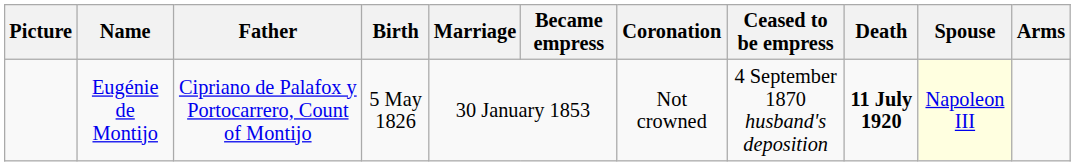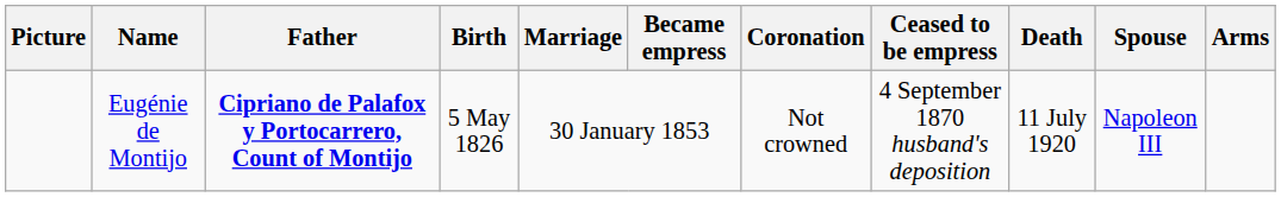 <table width=95% class="wikitable">
 <tr>
 <th>Picture</th>
 <th>Name</th>
 <th>Father</th>
 <th>Birth</th>
 <th>Marriage</th>
 <th>Became empress</th>
 <th>Coronation</th>
 <th>Ceased to be empress</th>
 <th>Death</th>
 <th>Spouse</th>
 <th>Arms</th>
 </tr>
 <tr>
 <td align=center></td>
 <td align="center"><a href='#'>Eugénie de Montijo</a></td>
-<td align="center"><a href='#'>Cipriano de Palafox y Portocarrero, Count of Montijo</a></td>
+<td align="center"><strong><a href='#'>Cipriano de Palafox y Portocarrero, Count of Montijo</a></strong></td>
 <td align="center">5 May 1826</td>
 <td align="center" colspan="2">30 January 1853</td>
 <td align="center">Not crowned</td>
 <td align="center">4 September 1870<br><em>husband's deposition</em></td>
-<td align="center"><strong>11 July 1920</strong></td>
-<td align="center" style="background: lightyellow;"><a href='#'>Napoleon III</a></td>
+<td align="center">11 July 1920</td>
+<td align="center"><a href='#'>Napoleon III</a></td>
 <td></td>
 </tr>
 </table>
